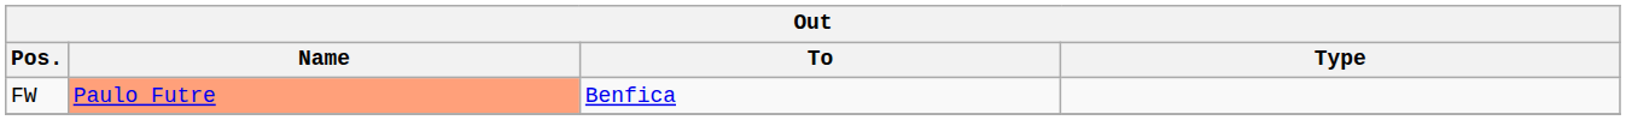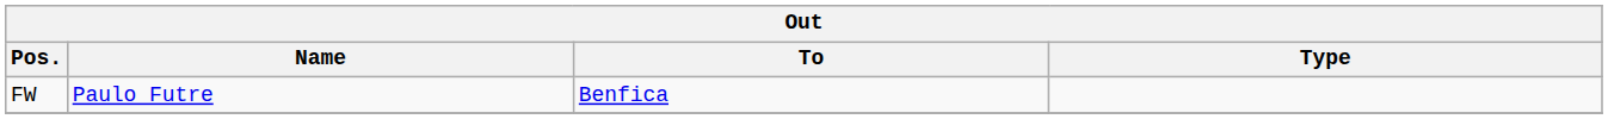 <table class="wikitable" style="font-size:90%;width:99%;">
 <tr>
 <th colspan="4">Out</th>
 </tr>
 <tr>
 <th width=3%>Pos.</th>
 <th width=32%>Name</th>
 <th width=30%>To</th>
 <th width=35%>Type</th>
 </tr>
 <tr>
 <td>FW</td>
-<td style="background: lightsalmon;"><a href='#'>Paulo Futre</a></td>
+<td><a href='#'>Paulo Futre</a></td>
 <td><a href='#'>Benfica</a></td>
 <td></td>
 </tr>
 <tr>
 </tr>
 </table>
